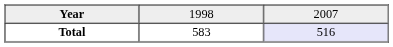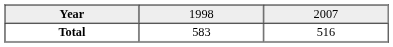 <table border="1" cellpadding="2" cellspacing="0" width="500">
 <tr bgcolor="#eeeeee" align="center">
 <td><strong>Year</strong></td>
 <td>1998</td>
 <td>2007</td>
 </tr>
 <tr align="center">
 <td><strong>Total</strong></td>
 <td>583</td>
-<td style="background: lavender;">516</td>
+<td>516</td>
 </tr>
 </table>
